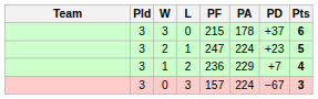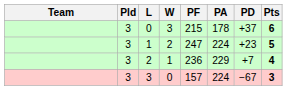 <table class="wikitable" style="text-align:center;">
 <tr>
 <th width=170>Team</th>
 <th width=25>Pld</th>
+<th width=25>L</th>
 <th width=25>W</th>
-<th width=25>L</th>
 <th width=35>PF</th>
 <th width=35>PA</th>
 <th width=35>PD</th>
 <th width=25>Pts</th>
 </tr>
 <tr style="background: #ccffcc;">
 <td align="left"></td>
 <td>3</td>
+<td>0</td>
 <td>3</td>
-<td>0</td>
 <td>215</td>
 <td>178</td>
 <td>+37</td>
 <td><strong>6</strong></td>
 </tr>
 <tr style="background: #ccffcc;">
 <td align="left"></td>
 <td>3</td>
+<td>1</td>
 <td>2</td>
-<td>1</td>
 <td>247</td>
 <td>224</td>
 <td>+23</td>
 <td><strong>5</strong></td>
 </tr>
 <tr style="background: #ccffcc;">
 <td align="left"></td>
 <td>3</td>
+<td>2</td>
 <td>1</td>
-<td>2</td>
 <td>236</td>
 <td>229</td>
 <td>+7</td>
 <td><strong>4</strong></td>
 </tr>
 <tr style="background: #ffcccc;">
 <td align="left"></td>
 <td>3</td>
+<td>3</td>
 <td>0</td>
-<td>3</td>
 <td>157</td>
 <td>224</td>
 <td>−67</td>
 <td><strong>3</strong></td>
 </tr>
 </table>
